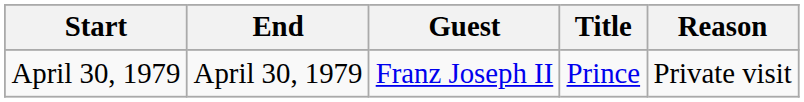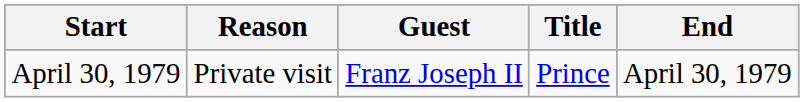 <table class="wikitable sortable">
 <tr>
 <th>Start</th>
-<th>End</th>
+<th>Reason</th>
 <th>Guest</th>
 <th>Title</th>
-<th>Reason</th>
+<th>End</th>
 </tr>
 <tr>
 <td>April 30, 1979</td>
-<td>April 30, 1979</td>
+<td>Private visit</td>
 <td><a href='#'>Franz Joseph II</a></td>
 <td><a href='#'>Prince</a></td>
-<td>Private visit</td>
+<td>April 30, 1979</td>
 </tr>
 </table>
